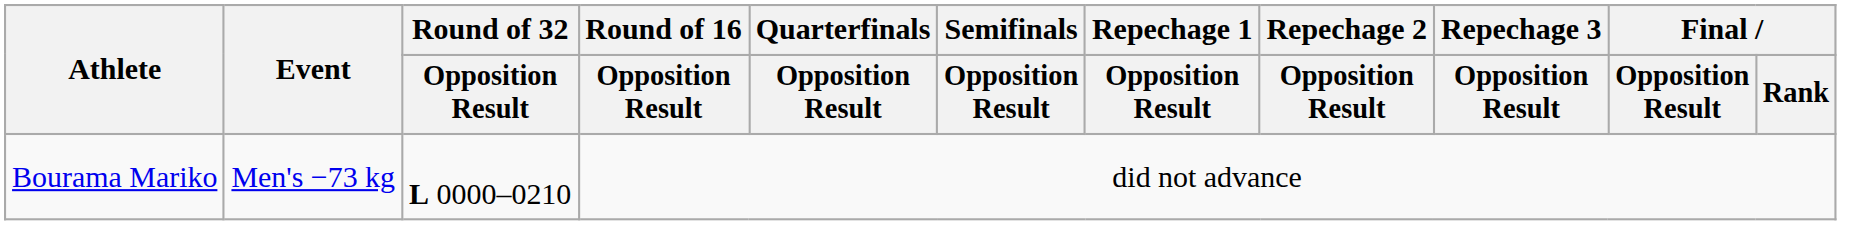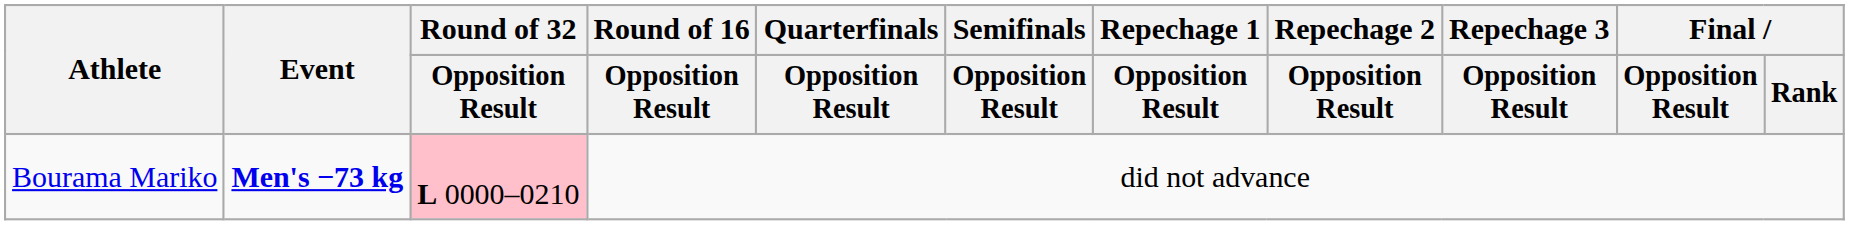 <table class="wikitable" style="font-size:90%">
 <tr>
 <th rowspan="2">Athlete</th>
 <th rowspan="2">Event</th>
 <th>Round of 32</th>
 <th>Round of 16</th>
 <th>Quarterfinals</th>
 <th>Semifinals</th>
 <th>Repechage 1</th>
 <th>Repechage 2</th>
 <th>Repechage 3</th>
 <th colspan=2>Final / </th>
 </tr>
 <tr style="font-size:95%">
 <th>Opposition<br>Result</th>
 <th>Opposition<br>Result</th>
 <th>Opposition<br>Result</th>
 <th>Opposition<br>Result</th>
 <th>Opposition<br>Result</th>
 <th>Opposition<br>Result</th>
 <th>Opposition<br>Result</th>
 <th>Opposition<br>Result</th>
 <th>Rank</th>
 </tr>
 <tr align=center>
 <td align=left><a href='#'>Bourama Mariko</a></td>
-<td align=left><a href='#'>Men's −73 kg</a></td>
-<td><br><strong>L</strong> 0000–0210</td>
+<td align=left><strong><a href='#'>Men's −73 kg</a></strong></td>
+<td style="background: pink;"><br><strong>L</strong> 0000–0210</td>
 <td colspan=8>did not advance</td>
 </tr>
 </table>
